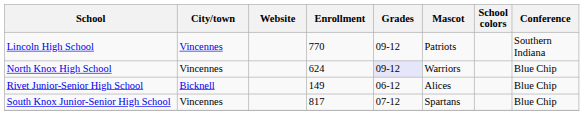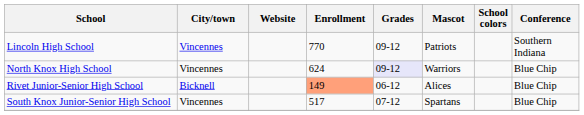 <table class="wikitable sortable" width="70%">
 <tr>
 <th width="20%">School</th>
 <th width="08%">City/town</th>
 <th width="06%">Website</th>
 <th width="04%">Enrollment</th>
 <th width="04%">Grades</th>
 <th width="04%">Mascot</th>
 <th width=01%>School colors</th>
 <th width="04%">Conference</th>
 </tr>
 <tr>
 <td><a href='#'>Lincoln High School</a></td>
 <td><a href='#'>Vincennes</a></td>
 <td></td>
 <td>770</td>
 <td>09-12</td>
 <td>Patriots</td>
 <td>  </td>
 <td>Southern Indiana</td>
 </tr>
 <tr>
 <td><a href='#'>North Knox High School</a></td>
 <td>Vincennes</td>
 <td></td>
 <td>624</td>
 <td style="background: lavender;">09-12</td>
 <td>Warriors</td>
 <td>  </td>
 <td>Blue Chip</td>
 </tr>
 <tr>
 <td><a href='#'>Rivet Junior-Senior High School</a></td>
 <td><a href='#'>Bicknell</a></td>
 <td></td>
-<td>149</td>
+<td style="background: lightsalmon;">149</td>
 <td>06-12</td>
 <td>Alices</td>
 <td>  </td>
 <td>Blue Chip</td>
 </tr>
 <tr>
 <td><a href='#'>South Knox Junior-Senior High School</a></td>
 <td>Vincennes</td>
 <td></td>
-<td>817</td>
+<td>517</td>
 <td>07-12</td>
 <td>Spartans</td>
 <td>  </td>
 <td>Blue Chip</td>
 </tr>
 <tr>
 </tr>
 </table>
